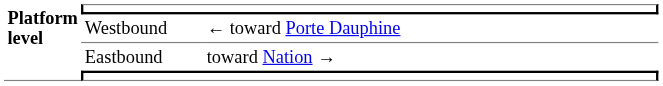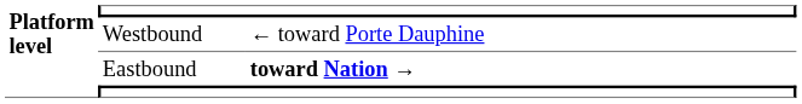 <table border=0 cellspacing=0 cellpadding=3>
 <tr>
 <td style="border-bottom:solid 1px gray;" width=50 rowspan=10 valign=top><strong>Platform level</strong></td>
 <td style="border-top:solid 1px gray;border-right:solid 2px black;border-left:solid 2px black;border-bottom:solid 2px black;text-align:center;" colspan=2></td>
 </tr>
 <tr>
 <td style="border-bottom:solid 1px gray;" width=100>Westbound</td>
 <td style="border-bottom:solid 1px gray;" width=390>←   toward <a href='#'>Porte Dauphine</a> </td>
 </tr>
 <tr>
 <td>Eastbound</td>
-<td>   toward <a href='#'>Nation</a>  →</td>
+<td><strong>   toward <a href='#'>Nation</a>  →</strong></td>
 </tr>
 <tr>
 <td style="border-top:solid 2px black;border-right:solid 2px black;border-left:solid 2px black;border-bottom:solid 1px gray;text-align:center;" colspan=2></td>
 </tr>
 </table>
